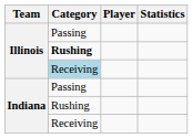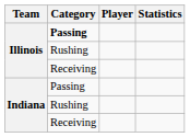 <table class="wikitable" style="float:right">
 <tr>
 <th>Team</th>
 <th>Category</th>
 <th>Player</th>
 <th>Statistics</th>
 </tr>
 <tr>
 <th rowspan=3>Illinois</th>
-<td>Passing</td>
+<td><strong>Passing</strong></td>
 <td></td>
 <td></td>
 </tr>
 <tr>
-<td><strong>Rushing</strong></td>
+<td>Rushing</td>
 <td></td>
 <td></td>
 </tr>
 <tr>
-<td style="background: lightblue;">Receiving</td>
+<td>Receiving</td>
 <td></td>
 <td></td>
 </tr>
 <tr>
 <th rowspan=3>Indiana</th>
 <td>Passing</td>
 <td></td>
 <td></td>
 </tr>
 <tr>
 <td>Rushing</td>
 <td></td>
 <td></td>
 </tr>
 <tr>
 <td>Receiving</td>
 <td></td>
 <td></td>
 </tr>
 </table>
